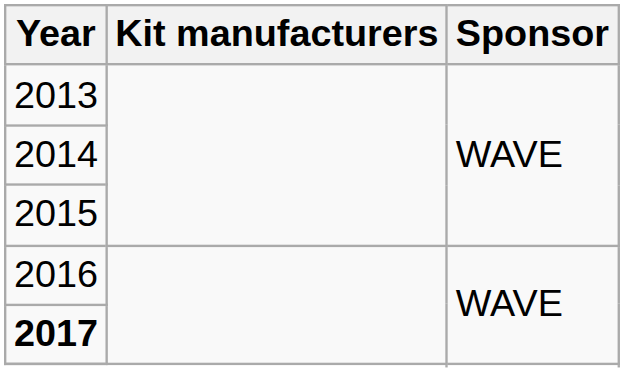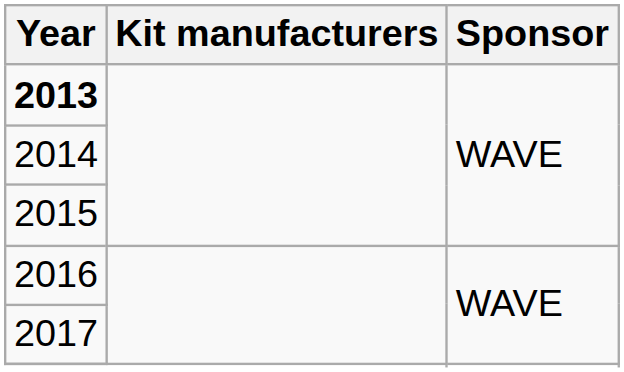 <table class="wikitable">
 <tr>
 <th>Year</th>
 <th>Kit manufacturers</th>
 <th>Sponsor</th>
 </tr>
 <tr>
-<td>2013</td>
+<td><strong>2013</strong></td>
 <td rowspan=3></td>
 <td rowspan=3>WAVE</td>
 </tr>
 <tr>
 <td>2014</td>
 </tr>
 <tr>
 <td>2015</td>
 </tr>
 <tr>
 <td>2016</td>
 <td rowspan=6></td>
 <td rowspan=6>WAVE</td>
 </tr>
 <tr>
-<td><strong>2017</strong></td>
+<td>2017</td>
 </tr>
 <tr>
 </tr>
 </table>
